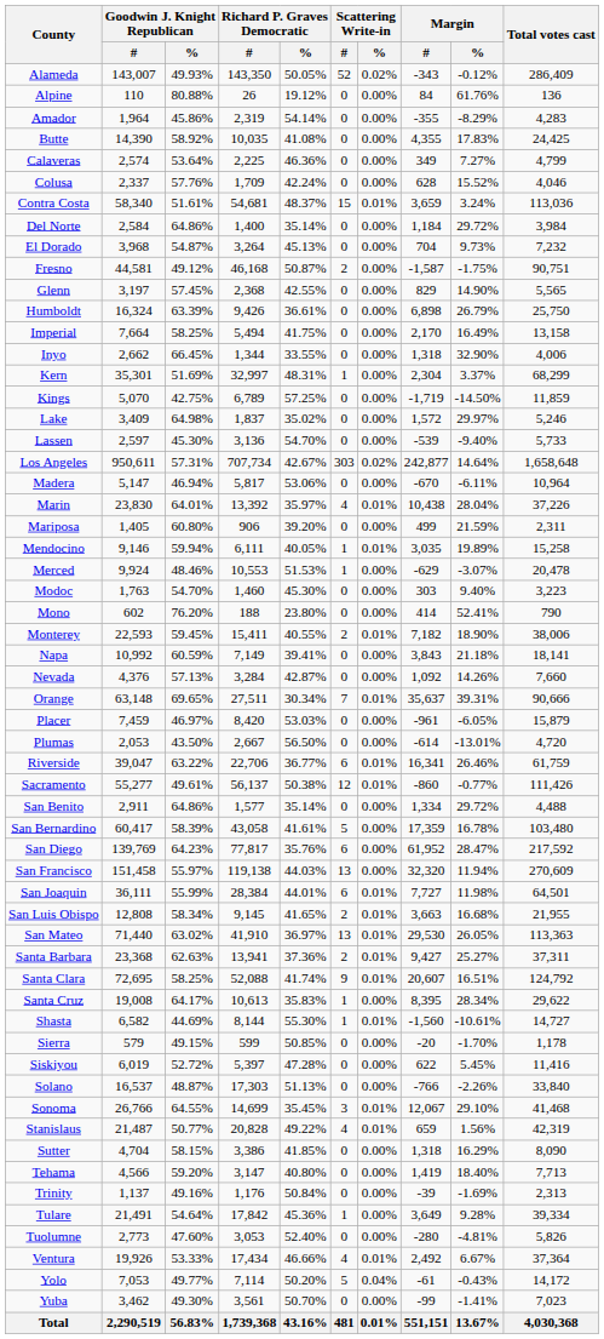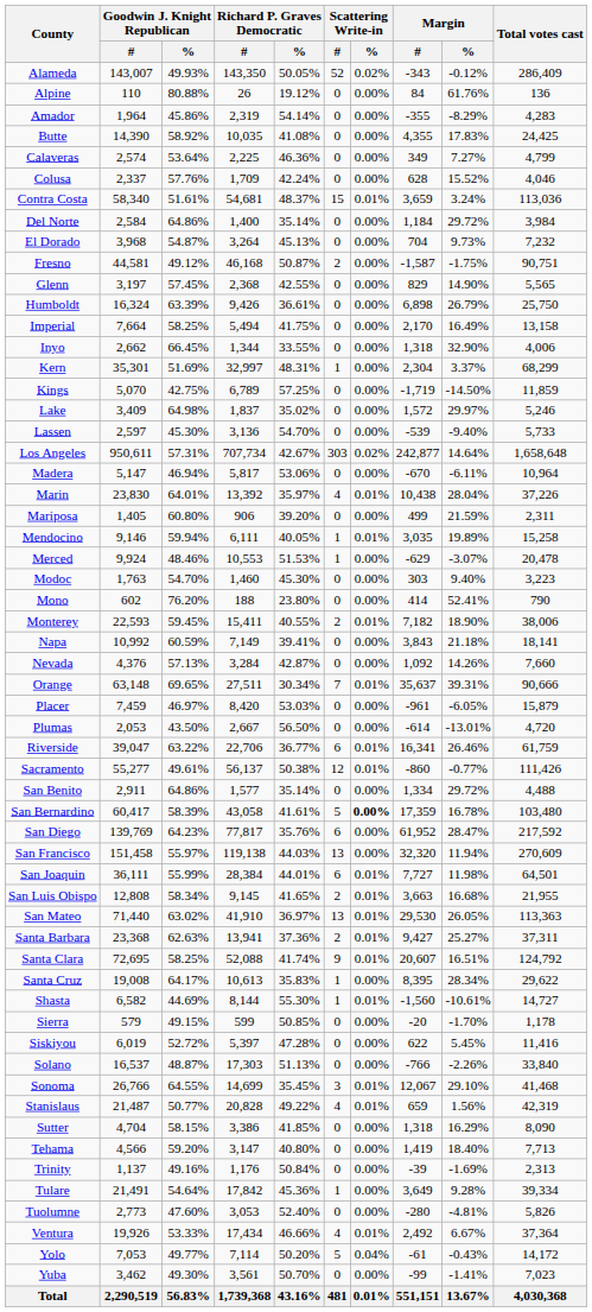 <table class="wikitable sortable" style="text-align:center">
 <tr>
 <th rowspan="2">County</th>
 <th style="text-align:center;" colspan="2">Goodwin J. Knight<br>Republican</th>
 <th style="text-align:center;" colspan="2">Richard P. Graves<br>Democratic</th>
 <th style="text-align:center;" colspan="2">Scattering<br>Write-in</th>
 <th style="text-align:center;" colspan="2">Margin</th>
 <th style="text-align:center;" rowspan="2">Total votes cast</th>
 </tr>
 <tr>
 <th style="text-align:center;" data-sort-type="number">#</th>
 <th style="text-align:center;" data-sort-type="number">%</th>
 <th style="text-align:center;" data-sort-type="number">#</th>
 <th style="text-align:center;" data-sort-type="number">%</th>
 <th style="text-align:center;" data-sort-type="number">#</th>
 <th style="text-align:center;" data-sort-type="number">%</th>
 <th style="text-align:center;" data-sort-type="number">#</th>
 <th style="text-align:center;" data-sort-type="number">%</th>
 </tr>
 <tr style="text-align:center;">
 <td><a href='#'>Alameda</a></td>
 <td>143,007</td>
 <td>49.93%</td>
 <td>143,350</td>
 <td>50.05%</td>
 <td>52</td>
 <td>0.02%</td>
 <td>-343</td>
 <td>-0.12%</td>
 <td>286,409</td>
 </tr>
 <tr style="text-align:center;">
 <td><a href='#'>Alpine</a></td>
 <td>110</td>
 <td>80.88%</td>
 <td>26</td>
 <td>19.12%</td>
 <td>0</td>
 <td>0.00%</td>
 <td>84</td>
 <td>61.76%</td>
 <td>136</td>
 </tr>
 <tr style="text-align:center;">
 <td><a href='#'>Amador</a></td>
 <td>1,964</td>
 <td>45.86%</td>
 <td>2,319</td>
 <td>54.14%</td>
 <td>0</td>
 <td>0.00%</td>
 <td>-355</td>
 <td>-8.29%</td>
 <td>4,283</td>
 </tr>
 <tr style="text-align:center;">
 <td><a href='#'>Butte</a></td>
 <td>14,390</td>
 <td>58.92%</td>
 <td>10,035</td>
 <td>41.08%</td>
 <td>0</td>
 <td>0.00%</td>
 <td>4,355</td>
 <td>17.83%</td>
 <td>24,425</td>
 </tr>
 <tr style="text-align:center;">
 <td><a href='#'>Calaveras</a></td>
 <td>2,574</td>
 <td>53.64%</td>
 <td>2,225</td>
 <td>46.36%</td>
 <td>0</td>
 <td>0.00%</td>
 <td>349</td>
 <td>7.27%</td>
 <td>4,799</td>
 </tr>
 <tr style="text-align:center;">
 <td><a href='#'>Colusa</a></td>
 <td>2,337</td>
 <td>57.76%</td>
 <td>1,709</td>
 <td>42.24%</td>
 <td>0</td>
 <td>0.00%</td>
 <td>628</td>
 <td>15.52%</td>
 <td>4,046</td>
 </tr>
 <tr style="text-align:center;">
 <td><a href='#'>Contra Costa</a></td>
 <td>58,340</td>
 <td>51.61%</td>
 <td>54,681</td>
 <td>48.37%</td>
 <td>15</td>
 <td>0.01%</td>
 <td>3,659</td>
 <td>3.24%</td>
 <td>113,036</td>
 </tr>
 <tr style="text-align:center;">
 <td><a href='#'>Del Norte</a></td>
 <td>2,584</td>
 <td>64.86%</td>
 <td>1,400</td>
 <td>35.14%</td>
 <td>0</td>
 <td>0.00%</td>
 <td>1,184</td>
 <td>29.72%</td>
 <td>3,984</td>
 </tr>
 <tr style="text-align:center;">
 <td><a href='#'>El Dorado</a></td>
 <td>3,968</td>
 <td>54.87%</td>
 <td>3,264</td>
 <td>45.13%</td>
 <td>0</td>
 <td>0.00%</td>
 <td>704</td>
 <td>9.73%</td>
 <td>7,232</td>
 </tr>
 <tr style="text-align:center;">
 <td><a href='#'>Fresno</a></td>
 <td>44,581</td>
 <td>49.12%</td>
 <td>46,168</td>
 <td>50.87%</td>
 <td>2</td>
 <td>0.00%</td>
 <td>-1,587</td>
 <td>-1.75%</td>
 <td>90,751</td>
 </tr>
 <tr style="text-align:center;">
 <td><a href='#'>Glenn</a></td>
 <td>3,197</td>
 <td>57.45%</td>
 <td>2,368</td>
 <td>42.55%</td>
 <td>0</td>
 <td>0.00%</td>
 <td>829</td>
 <td>14.90%</td>
 <td>5,565</td>
 </tr>
 <tr style="text-align:center;">
 <td><a href='#'>Humboldt</a></td>
 <td>16,324</td>
 <td>63.39%</td>
 <td>9,426</td>
 <td>36.61%</td>
 <td>0</td>
 <td>0.00%</td>
 <td>6,898</td>
 <td>26.79%</td>
 <td>25,750</td>
 </tr>
 <tr style="text-align:center;">
 <td><a href='#'>Imperial</a></td>
 <td>7,664</td>
 <td>58.25%</td>
 <td>5,494</td>
 <td>41.75%</td>
 <td>0</td>
 <td>0.00%</td>
 <td>2,170</td>
 <td>16.49%</td>
 <td>13,158</td>
 </tr>
 <tr style="text-align:center;">
 <td><a href='#'>Inyo</a></td>
 <td>2,662</td>
 <td>66.45%</td>
 <td>1,344</td>
 <td>33.55%</td>
 <td>0</td>
 <td>0.00%</td>
 <td>1,318</td>
 <td>32.90%</td>
 <td>4,006</td>
 </tr>
 <tr style="text-align:center;">
 <td><a href='#'>Kern</a></td>
 <td>35,301</td>
 <td>51.69%</td>
 <td>32,997</td>
 <td>48.31%</td>
 <td>1</td>
 <td>0.00%</td>
 <td>2,304</td>
 <td>3.37%</td>
 <td>68,299</td>
 </tr>
 <tr style="text-align:center;">
 <td><a href='#'>Kings</a></td>
 <td>5,070</td>
 <td>42.75%</td>
 <td>6,789</td>
 <td>57.25%</td>
 <td>0</td>
 <td>0.00%</td>
 <td>-1,719</td>
 <td>-14.50%</td>
 <td>11,859</td>
 </tr>
 <tr style="text-align:center;">
 <td><a href='#'>Lake</a></td>
 <td>3,409</td>
 <td>64.98%</td>
 <td>1,837</td>
 <td>35.02%</td>
 <td>0</td>
 <td>0.00%</td>
 <td>1,572</td>
 <td>29.97%</td>
 <td>5,246</td>
 </tr>
 <tr style="text-align:center;">
 <td><a href='#'>Lassen</a></td>
 <td>2,597</td>
 <td>45.30%</td>
 <td>3,136</td>
 <td>54.70%</td>
 <td>0</td>
 <td>0.00%</td>
 <td>-539</td>
 <td>-9.40%</td>
 <td>5,733</td>
 </tr>
 <tr style="text-align:center;">
 <td><a href='#'>Los Angeles</a></td>
 <td>950,611</td>
 <td>57.31%</td>
 <td>707,734</td>
 <td>42.67%</td>
 <td>303</td>
 <td>0.02%</td>
 <td>242,877</td>
 <td>14.64%</td>
 <td>1,658,648</td>
 </tr>
 <tr style="text-align:center;">
 <td><a href='#'>Madera</a></td>
 <td>5,147</td>
 <td>46.94%</td>
 <td>5,817</td>
 <td>53.06%</td>
 <td>0</td>
 <td>0.00%</td>
 <td>-670</td>
 <td>-6.11%</td>
 <td>10,964</td>
 </tr>
 <tr style="text-align:center;">
 <td><a href='#'>Marin</a></td>
 <td>23,830</td>
 <td>64.01%</td>
 <td>13,392</td>
 <td>35.97%</td>
 <td>4</td>
 <td>0.01%</td>
 <td>10,438</td>
 <td>28.04%</td>
 <td>37,226</td>
 </tr>
 <tr style="text-align:center;">
 <td><a href='#'>Mariposa</a></td>
 <td>1,405</td>
 <td>60.80%</td>
 <td>906</td>
 <td>39.20%</td>
 <td>0</td>
 <td>0.00%</td>
 <td>499</td>
 <td>21.59%</td>
 <td>2,311</td>
 </tr>
 <tr style="text-align:center;">
 <td><a href='#'>Mendocino</a></td>
 <td>9,146</td>
 <td>59.94%</td>
 <td>6,111</td>
 <td>40.05%</td>
 <td>1</td>
 <td>0.01%</td>
 <td>3,035</td>
 <td>19.89%</td>
 <td>15,258</td>
 </tr>
 <tr style="text-align:center;">
 <td><a href='#'>Merced</a></td>
 <td>9,924</td>
 <td>48.46%</td>
 <td>10,553</td>
 <td>51.53%</td>
 <td>1</td>
 <td>0.00%</td>
 <td>-629</td>
 <td>-3.07%</td>
 <td>20,478</td>
 </tr>
 <tr style="text-align:center;">
 <td><a href='#'>Modoc</a></td>
 <td>1,763</td>
 <td>54.70%</td>
 <td>1,460</td>
 <td>45.30%</td>
 <td>0</td>
 <td>0.00%</td>
 <td>303</td>
 <td>9.40%</td>
 <td>3,223</td>
 </tr>
 <tr style="text-align:center;">
 <td><a href='#'>Mono</a></td>
 <td>602</td>
 <td>76.20%</td>
 <td>188</td>
 <td>23.80%</td>
 <td>0</td>
 <td>0.00%</td>
 <td>414</td>
 <td>52.41%</td>
 <td>790</td>
 </tr>
 <tr style="text-align:center;">
 <td><a href='#'>Monterey</a></td>
 <td>22,593</td>
 <td>59.45%</td>
 <td>15,411</td>
 <td>40.55%</td>
 <td>2</td>
 <td>0.01%</td>
 <td>7,182</td>
 <td>18.90%</td>
 <td>38,006</td>
 </tr>
 <tr style="text-align:center;">
 <td><a href='#'>Napa</a></td>
 <td>10,992</td>
 <td>60.59%</td>
 <td>7,149</td>
 <td>39.41%</td>
 <td>0</td>
 <td>0.00%</td>
 <td>3,843</td>
 <td>21.18%</td>
 <td>18,141</td>
 </tr>
 <tr style="text-align:center;">
 <td><a href='#'>Nevada</a></td>
 <td>4,376</td>
 <td>57.13%</td>
 <td>3,284</td>
 <td>42.87%</td>
 <td>0</td>
 <td>0.00%</td>
 <td>1,092</td>
 <td>14.26%</td>
 <td>7,660</td>
 </tr>
 <tr style="text-align:center;">
 <td><a href='#'>Orange</a></td>
 <td>63,148</td>
 <td>69.65%</td>
 <td>27,511</td>
 <td>30.34%</td>
 <td>7</td>
 <td>0.01%</td>
 <td>35,637</td>
 <td>39.31%</td>
 <td>90,666</td>
 </tr>
 <tr style="text-align:center;">
 <td><a href='#'>Placer</a></td>
 <td>7,459</td>
 <td>46.97%</td>
 <td>8,420</td>
 <td>53.03%</td>
 <td>0</td>
 <td>0.00%</td>
 <td>-961</td>
 <td>-6.05%</td>
 <td>15,879</td>
 </tr>
 <tr style="text-align:center;">
 <td><a href='#'>Plumas</a></td>
 <td>2,053</td>
 <td>43.50%</td>
 <td>2,667</td>
 <td>56.50%</td>
 <td>0</td>
 <td>0.00%</td>
 <td>-614</td>
 <td>-13.01%</td>
 <td>4,720</td>
 </tr>
 <tr style="text-align:center;">
 <td><a href='#'>Riverside</a></td>
 <td>39,047</td>
 <td>63.22%</td>
 <td>22,706</td>
 <td>36.77%</td>
 <td>6</td>
 <td>0.01%</td>
 <td>16,341</td>
 <td>26.46%</td>
 <td>61,759</td>
 </tr>
 <tr style="text-align:center;">
 <td><a href='#'>Sacramento</a></td>
 <td>55,277</td>
 <td>49.61%</td>
 <td>56,137</td>
 <td>50.38%</td>
 <td>12</td>
 <td>0.01%</td>
 <td>-860</td>
 <td>-0.77%</td>
 <td>111,426</td>
 </tr>
 <tr style="text-align:center;">
 <td><a href='#'>San Benito</a></td>
 <td>2,911</td>
 <td>64.86%</td>
 <td>1,577</td>
 <td>35.14%</td>
 <td>0</td>
 <td>0.00%</td>
 <td>1,334</td>
 <td>29.72%</td>
 <td>4,488</td>
 </tr>
 <tr style="text-align:center;">
 <td><a href='#'>San Bernardino</a></td>
 <td>60,417</td>
 <td>58.39%</td>
 <td>43,058</td>
 <td>41.61%</td>
 <td>5</td>
-<td>0.00%</td>
+<td><strong>0.00%</strong></td>
 <td>17,359</td>
 <td>16.78%</td>
 <td>103,480</td>
 </tr>
 <tr style="text-align:center;">
 <td><a href='#'>San Diego</a></td>
 <td>139,769</td>
 <td>64.23%</td>
 <td>77,817</td>
 <td>35.76%</td>
 <td>6</td>
 <td>0.00%</td>
 <td>61,952</td>
 <td>28.47%</td>
 <td>217,592</td>
 </tr>
 <tr style="text-align:center;">
 <td><a href='#'>San Francisco</a></td>
 <td>151,458</td>
 <td>55.97%</td>
 <td>119,138</td>
 <td>44.03%</td>
 <td>13</td>
 <td>0.00%</td>
 <td>32,320</td>
 <td>11.94%</td>
 <td>270,609</td>
 </tr>
 <tr style="text-align:center;">
 <td><a href='#'>San Joaquin</a></td>
 <td>36,111</td>
 <td>55.99%</td>
 <td>28,384</td>
 <td>44.01%</td>
 <td>6</td>
 <td>0.01%</td>
 <td>7,727</td>
 <td>11.98%</td>
 <td>64,501</td>
 </tr>
 <tr style="text-align:center;">
 <td><a href='#'>San Luis Obispo</a></td>
 <td>12,808</td>
 <td>58.34%</td>
 <td>9,145</td>
 <td>41.65%</td>
 <td>2</td>
 <td>0.01%</td>
 <td>3,663</td>
 <td>16.68%</td>
 <td>21,955</td>
 </tr>
 <tr style="text-align:center;">
 <td><a href='#'>San Mateo</a></td>
 <td>71,440</td>
 <td>63.02%</td>
 <td>41,910</td>
 <td>36.97%</td>
 <td>13</td>
 <td>0.01%</td>
 <td>29,530</td>
 <td>26.05%</td>
 <td>113,363</td>
 </tr>
 <tr style="text-align:center;">
 <td><a href='#'>Santa Barbara</a></td>
 <td>23,368</td>
 <td>62.63%</td>
 <td>13,941</td>
 <td>37.36%</td>
 <td>2</td>
 <td>0.01%</td>
 <td>9,427</td>
 <td>25.27%</td>
 <td>37,311</td>
 </tr>
 <tr style="text-align:center;">
 <td><a href='#'>Santa Clara</a></td>
 <td>72,695</td>
 <td>58.25%</td>
 <td>52,088</td>
 <td>41.74%</td>
 <td>9</td>
 <td>0.01%</td>
 <td>20,607</td>
 <td>16.51%</td>
 <td>124,792</td>
 </tr>
 <tr style="text-align:center;">
 <td><a href='#'>Santa Cruz</a></td>
 <td>19,008</td>
 <td>64.17%</td>
 <td>10,613</td>
 <td>35.83%</td>
 <td>1</td>
 <td>0.00%</td>
 <td>8,395</td>
 <td>28.34%</td>
 <td>29,622</td>
 </tr>
 <tr style="text-align:center;">
 <td><a href='#'>Shasta</a></td>
 <td>6,582</td>
 <td>44.69%</td>
 <td>8,144</td>
 <td>55.30%</td>
 <td>1</td>
 <td>0.01%</td>
 <td>-1,560</td>
 <td>-10.61%</td>
 <td>14,727</td>
 </tr>
 <tr style="text-align:center;">
 <td><a href='#'>Sierra</a></td>
 <td>579</td>
 <td>49.15%</td>
 <td>599</td>
 <td>50.85%</td>
 <td>0</td>
 <td>0.00%</td>
 <td>-20</td>
 <td>-1.70%</td>
 <td>1,178</td>
 </tr>
 <tr style="text-align:center;">
 <td><a href='#'>Siskiyou</a></td>
 <td>6,019</td>
 <td>52.72%</td>
 <td>5,397</td>
 <td>47.28%</td>
 <td>0</td>
 <td>0.00%</td>
 <td>622</td>
 <td>5.45%</td>
 <td>11,416</td>
 </tr>
 <tr style="text-align:center;">
 <td><a href='#'>Solano</a></td>
 <td>16,537</td>
 <td>48.87%</td>
 <td>17,303</td>
 <td>51.13%</td>
 <td>0</td>
 <td>0.00%</td>
 <td>-766</td>
 <td>-2.26%</td>
 <td>33,840</td>
 </tr>
 <tr style="text-align:center;">
 <td><a href='#'>Sonoma</a></td>
 <td>26,766</td>
 <td>64.55%</td>
 <td>14,699</td>
 <td>35.45%</td>
 <td>3</td>
 <td>0.01%</td>
 <td>12,067</td>
 <td>29.10%</td>
 <td>41,468</td>
 </tr>
 <tr style="text-align:center;">
 <td><a href='#'>Stanislaus</a></td>
 <td>21,487</td>
 <td>50.77%</td>
 <td>20,828</td>
 <td>49.22%</td>
 <td>4</td>
 <td>0.01%</td>
 <td>659</td>
 <td>1.56%</td>
 <td>42,319</td>
 </tr>
 <tr style="text-align:center;">
 <td><a href='#'>Sutter</a></td>
 <td>4,704</td>
 <td>58.15%</td>
 <td>3,386</td>
 <td>41.85%</td>
 <td>0</td>
 <td>0.00%</td>
 <td>1,318</td>
 <td>16.29%</td>
 <td>8,090</td>
 </tr>
 <tr style="text-align:center;">
 <td><a href='#'>Tehama</a></td>
 <td>4,566</td>
 <td>59.20%</td>
 <td>3,147</td>
 <td>40.80%</td>
 <td>0</td>
 <td>0.00%</td>
 <td>1,419</td>
 <td>18.40%</td>
 <td>7,713</td>
 </tr>
 <tr style="text-align:center;">
 <td><a href='#'>Trinity</a></td>
 <td>1,137</td>
 <td>49.16%</td>
 <td>1,176</td>
 <td>50.84%</td>
 <td>0</td>
 <td>0.00%</td>
 <td>-39</td>
 <td>-1.69%</td>
 <td>2,313</td>
 </tr>
 <tr style="text-align:center;">
 <td><a href='#'>Tulare</a></td>
 <td>21,491</td>
 <td>54.64%</td>
 <td>17,842</td>
 <td>45.36%</td>
 <td>1</td>
 <td>0.00%</td>
 <td>3,649</td>
 <td>9.28%</td>
 <td>39,334</td>
 </tr>
 <tr style="text-align:center;">
 <td><a href='#'>Tuolumne</a></td>
 <td>2,773</td>
 <td>47.60%</td>
 <td>3,053</td>
 <td>52.40%</td>
 <td>0</td>
 <td>0.00%</td>
 <td>-280</td>
 <td>-4.81%</td>
 <td>5,826</td>
 </tr>
 <tr style="text-align:center;">
 <td><a href='#'>Ventura</a></td>
 <td>19,926</td>
 <td>53.33%</td>
 <td>17,434</td>
 <td>46.66%</td>
 <td>4</td>
 <td>0.01%</td>
 <td>2,492</td>
 <td>6.67%</td>
 <td>37,364</td>
 </tr>
 <tr style="text-align:center;">
 <td><a href='#'>Yolo</a></td>
 <td>7,053</td>
 <td>49.77%</td>
 <td>7,114</td>
 <td>50.20%</td>
 <td>5</td>
 <td>0.04%</td>
 <td>-61</td>
 <td>-0.43%</td>
 <td>14,172</td>
 </tr>
 <tr style="text-align:center;">
 <td><a href='#'>Yuba</a></td>
 <td>3,462</td>
 <td>49.30%</td>
 <td>3,561</td>
 <td>50.70%</td>
 <td>0</td>
 <td>0.00%</td>
 <td>-99</td>
 <td>-1.41%</td>
 <td>7,023</td>
 </tr>
 <tr style="text-align:center;">
 <th>Total</th>
 <th>2,290,519</th>
 <th>56.83%</th>
 <th>1,739,368</th>
 <th>43.16%</th>
 <th>481</th>
 <th>0.01%</th>
 <th>551,151</th>
 <th>13.67%</th>
 <th>4,030,368</th>
 </tr>
 </table>
